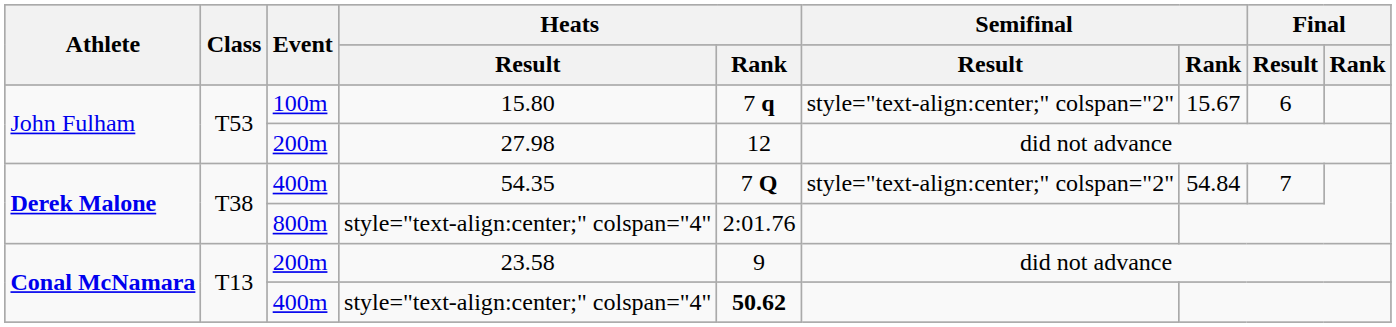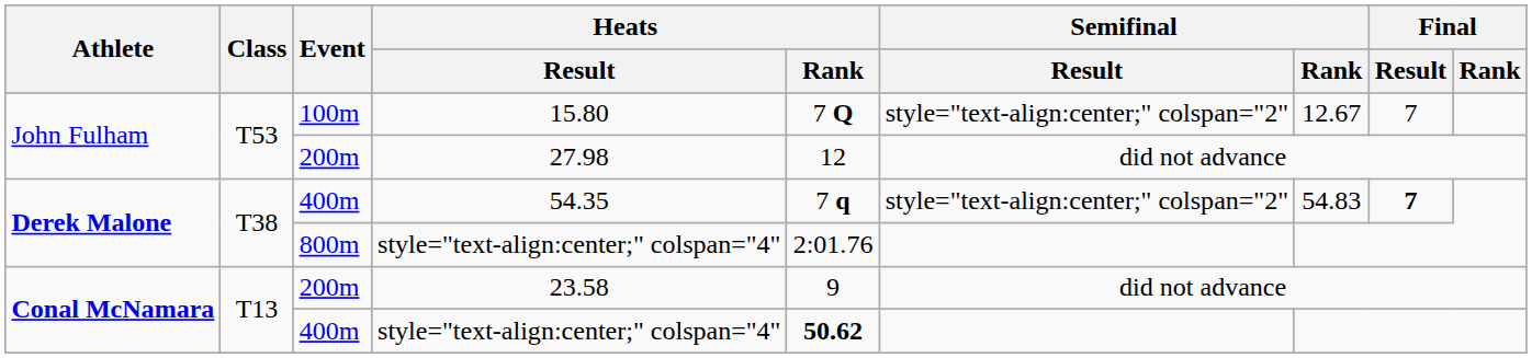 <table class=wikitable style="font-size:90%">
 <tr>
 <th rowspan="2">Athlete</th>
 <th rowspan="2">Class</th>
 <th rowspan="2">Event</th>
 <th colspan="2">Heats</th>
 <th colspan="2">Semifinal</th>
 <th colspan="2">Final</th>
 </tr>
 <tr>
 <th>Result</th>
 <th>Rank</th>
 <th>Result</th>
 <th>Rank</th>
 <th>Result</th>
 <th>Rank</th>
 </tr>
 <tr>
 <td rowspan="2"><a href='#'>John Fulham</a></td>
 <td rowspan="2" style="text-align:center;">T53</td>
 <td><a href='#'>100m</a></td>
 <td style="text-align:center;">15.80</td>
-<td style="text-align:center;">7 <strong>q</strong></td>
+<td style="text-align:center;">7 <strong>Q</strong></td>
 <td>style="text-align:center;" colspan="2" </td>
-<td style="text-align:center;">15.67</td>
-<td style="text-align:center;">6</td>
+<td style="text-align:center;">12.67</td>
+<td style="text-align:center;">7</td>
 </tr>
 <tr>
 <td><a href='#'>200m</a></td>
 <td style="text-align:center;">27.98</td>
 <td style="text-align:center;">12</td>
 <td style="text-align:center;" colspan="4">did not advance</td>
 </tr>
 <tr>
 <td rowspan="2"><strong><a href='#'>Derek Malone</a></strong></td>
 <td rowspan="2" style="text-align:center;">T38</td>
 <td><a href='#'>400m</a></td>
 <td style="text-align:center;">54.35</td>
-<td style="text-align:center;">7 <strong>Q</strong></td>
+<td style="text-align:center;">7 <strong>q</strong></td>
 <td>style="text-align:center;" colspan="2" </td>
-<td style="text-align:center;">54.84</td>
-<td style="text-align:center;">7</td>
+<td style="text-align:center;">54.83</td>
+<td style="text-align:center;"><strong>7</strong></td>
 </tr>
 <tr>
 <td><a href='#'>800m</a></td>
 <td>style="text-align:center;" colspan="4" </td>
 <td style="text-align:center;">2:01.76</td>
 <td style="text-align:center;"></td>
 </tr>
 <tr>
 <td rowspan="2"><strong><a href='#'>Conal McNamara</a></strong></td>
 <td rowspan="2" style="text-align:center;">T13</td>
 <td><a href='#'>200m</a></td>
 <td style="text-align:center;">23.58</td>
 <td style="text-align:center;">9</td>
 <td style="text-align:center;" colspan="4">did not advance</td>
 </tr>
 <tr>
 <td><a href='#'>400m</a></td>
 <td>style="text-align:center;" colspan="4" </td>
 <td style="text-align:center;"><strong>50.62</strong></td>
 <td style="text-align:center;"></td>
 </tr>
 </table>
